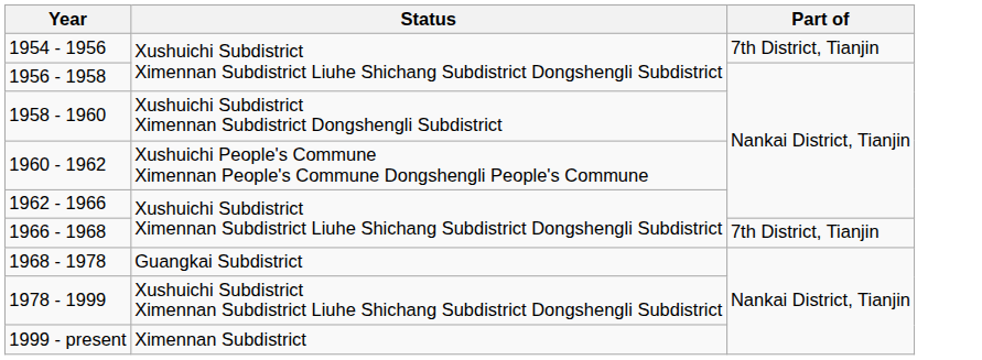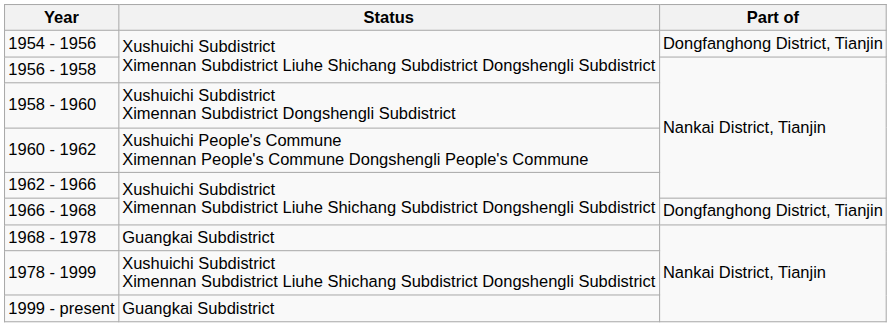 <table class="wikitable">
 <tr>
 <th>Year</th>
 <th>Status</th>
 <th>Part of</th>
 </tr>
 <tr>
 <td>1954 - 1956</td>
 <td rowspan="2">Xushuichi Subdistrict<br>Ximennan Subdistrict Liuhe Shichang Subdistrict Dongshengli Subdistrict</td>
-<td>7th District, Tianjin</td>
+<td>Dongfanghong District, Tianjin</td>
 </tr>
 <tr>
 <td>1956 - 1958</td>
 <td rowspan="4">Nankai District, Tianjin</td>
 </tr>
 <tr>
 <td>1958 - 1960</td>
 <td>Xushuichi Subdistrict<br>Ximennan Subdistrict Dongshengli Subdistrict</td>
 </tr>
 <tr>
 <td>1960 - 1962</td>
 <td>Xushuichi People's Commune<br>Ximennan People's Commune Dongshengli People's Commune</td>
 </tr>
 <tr>
 <td>1962 - 1966</td>
 <td rowspan="2">Xushuichi Subdistrict<br>Ximennan Subdistrict Liuhe Shichang Subdistrict Dongshengli Subdistrict</td>
 </tr>
 <tr>
 <td>1966 - 1968</td>
-<td>7th District, Tianjin</td>
+<td>Dongfanghong District, Tianjin</td>
 </tr>
 <tr>
 <td>1968 - 1978</td>
 <td>Guangkai Subdistrict</td>
 <td rowspan="3">Nankai District, Tianjin</td>
 </tr>
 <tr>
 <td>1978 - 1999</td>
 <td>Xushuichi Subdistrict<br>Ximennan Subdistrict Liuhe Shichang Subdistrict Dongshengli Subdistrict</td>
 </tr>
 <tr>
 <td>1999 - present</td>
-<td>Ximennan Subdistrict</td>
+<td>Guangkai Subdistrict</td>
 </tr>
 </table>
